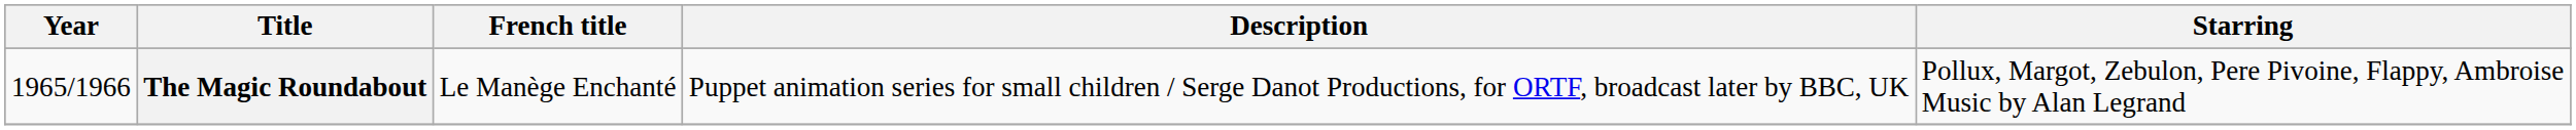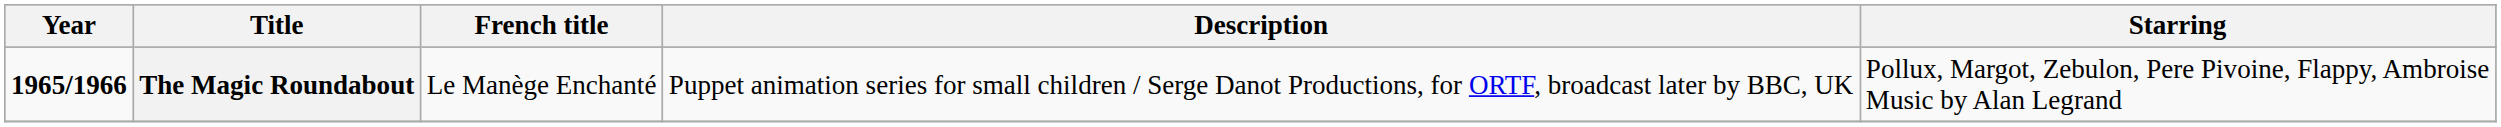 <table class="wikitable plainrowheaders sortable">
 <tr>
 <th scope="col">Year</th>
 <th scope="col">Title</th>
 <th scope="col">French title</th>
 <th scope="col">Description</th>
 <th class="unsortable">Starring</th>
 </tr>
 <tr>
-<td>1965/1966</td>
+<td><strong>1965/1966</strong></td>
 <th scope="row">The Magic Roundabout</th>
 <td>Le Manège Enchanté</td>
 <td>Puppet animation series for small children / Serge Danot Productions, for <a href='#'>ORTF</a>, broadcast later by BBC, UK</td>
 <td>Pollux, Margot, Zebulon, Pere Pivoine, Flappy, Ambroise<br>Music by Alan Legrand</td>
 </tr>
 <tr>
 </tr>
 </table>
